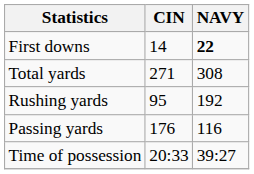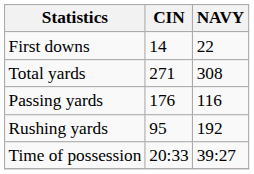 <table class="wikitable">
 <tr>
 <th>Statistics</th>
 <th>CIN</th>
 <th>NAVY</th>
 </tr>
 <tr>
 <td>First downs</td>
 <td>14</td>
-<td><strong>22</strong></td>
+<td>22</td>
 </tr>
 <tr>
 <td>Total yards</td>
 <td>271</td>
 <td>308</td>
 </tr>
 <tr>
+<td>Passing yards</td>
+<td>176</td>
+<td>116</td>
+</tr>
+<tr>
 <td>Rushing yards</td>
 <td>95</td>
 <td>192</td>
-</tr>
-<tr>
-<td>Passing yards</td>
-<td>176</td>
-<td>116</td>
 </tr>
 <tr>
 <td>Time of possession</td>
 <td>20:33</td>
 <td>39:27</td>
 </tr>
 <tr>
 </tr>
 </table>
